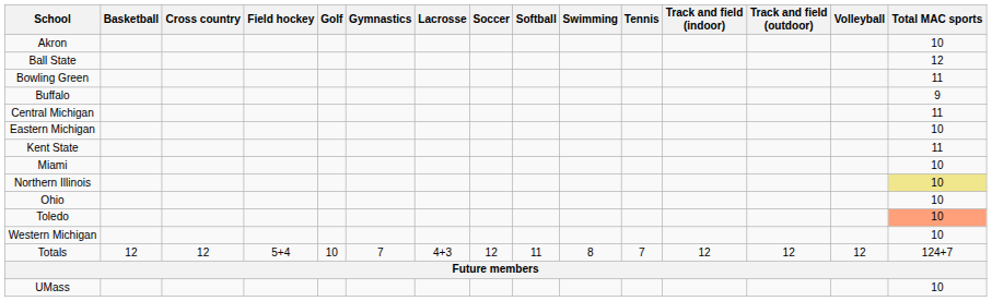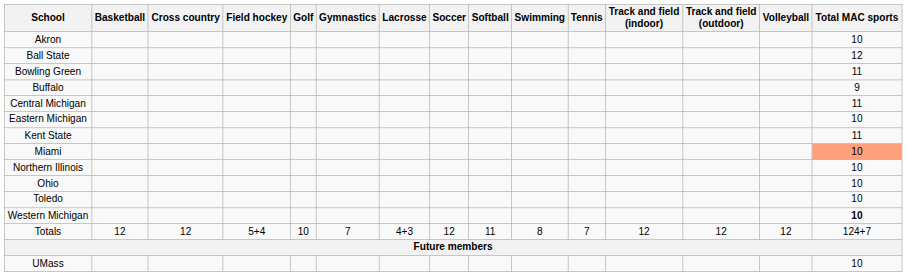 <table class="wikitable" style="text-align:center; width:90%;">
 <tr>
 <th>School</th>
 <th>Basketball</th>
 <th>Cross country</th>
 <th>Field hockey</th>
 <th>Golf</th>
 <th>Gymnastics</th>
 <th>Lacrosse</th>
 <th>Soccer</th>
 <th>Softball</th>
 <th>Swimming</th>
 <th>Tennis</th>
 <th>Track and field<br>(indoor)</th>
 <th>Track and field<br>(outdoor)</th>
 <th>Volleyball</th>
 <th>Total MAC sports</th>
 </tr>
 <tr>
 <td>Akron</td>
 <td></td>
 <td></td>
 <td></td>
 <td></td>
 <td></td>
 <td></td>
 <td></td>
 <td></td>
 <td></td>
 <td></td>
 <td></td>
 <td></td>
 <td></td>
 <td>10</td>
 </tr>
 <tr>
 <td>Ball State</td>
 <td></td>
 <td></td>
 <td></td>
 <td></td>
 <td></td>
 <td></td>
 <td></td>
 <td></td>
 <td></td>
 <td></td>
 <td></td>
 <td></td>
 <td></td>
 <td>12</td>
 </tr>
 <tr>
 <td>Bowling Green</td>
 <td></td>
 <td></td>
 <td></td>
 <td></td>
 <td></td>
 <td></td>
 <td></td>
 <td></td>
 <td></td>
 <td></td>
 <td></td>
 <td></td>
 <td></td>
 <td>11</td>
 </tr>
 <tr>
 <td>Buffalo</td>
 <td></td>
 <td></td>
 <td></td>
 <td></td>
 <td></td>
 <td></td>
 <td></td>
 <td></td>
 <td></td>
 <td></td>
 <td></td>
 <td></td>
 <td></td>
 <td>9</td>
 </tr>
 <tr>
 <td>Central Michigan</td>
 <td></td>
 <td></td>
 <td></td>
 <td></td>
 <td></td>
 <td></td>
 <td></td>
 <td></td>
 <td></td>
 <td></td>
 <td></td>
 <td></td>
 <td></td>
 <td>11</td>
 </tr>
 <tr>
 <td>Eastern Michigan</td>
 <td></td>
 <td></td>
 <td></td>
 <td></td>
 <td></td>
 <td></td>
 <td></td>
 <td></td>
 <td></td>
 <td></td>
 <td></td>
 <td></td>
 <td></td>
 <td>10</td>
 </tr>
 <tr>
 <td>Kent State</td>
 <td></td>
 <td></td>
 <td></td>
 <td></td>
 <td></td>
 <td></td>
 <td></td>
 <td></td>
 <td></td>
 <td></td>
 <td></td>
 <td></td>
 <td></td>
 <td>11</td>
 </tr>
 <tr>
 <td>Miami</td>
 <td></td>
 <td></td>
 <td></td>
 <td></td>
 <td></td>
 <td></td>
 <td></td>
 <td></td>
 <td></td>
 <td></td>
 <td></td>
 <td></td>
 <td></td>
-<td>10</td>
+<td style="background: lightsalmon;">10</td>
 </tr>
 <tr>
 <td>Northern Illinois</td>
 <td></td>
 <td></td>
 <td></td>
 <td></td>
 <td></td>
 <td></td>
 <td></td>
 <td></td>
 <td></td>
 <td></td>
 <td></td>
 <td></td>
 <td></td>
-<td style="background: khaki;">10</td>
+<td>10</td>
 </tr>
 <tr>
 <td>Ohio</td>
 <td></td>
 <td></td>
 <td></td>
 <td></td>
 <td></td>
 <td></td>
 <td></td>
 <td></td>
 <td></td>
 <td></td>
 <td></td>
 <td></td>
 <td></td>
 <td>10</td>
 </tr>
 <tr>
 <td>Toledo</td>
 <td></td>
 <td></td>
 <td></td>
 <td></td>
 <td></td>
 <td></td>
 <td></td>
 <td></td>
 <td></td>
 <td></td>
 <td></td>
 <td></td>
 <td></td>
-<td style="background: lightsalmon;">10</td>
+<td>10</td>
 </tr>
 <tr>
 <td>Western Michigan</td>
 <td></td>
 <td></td>
 <td></td>
 <td></td>
 <td></td>
 <td></td>
 <td></td>
 <td></td>
 <td></td>
 <td></td>
 <td></td>
 <td></td>
 <td></td>
-<td>10</td>
+<td><strong>10</strong></td>
 </tr>
 <tr>
 <td>Totals</td>
 <td>12</td>
 <td>12</td>
 <td>5+4</td>
 <td>10</td>
 <td>7</td>
 <td>4+3</td>
 <td>12</td>
 <td>11</td>
 <td>8</td>
 <td>7</td>
 <td>12</td>
 <td>12</td>
 <td>12</td>
 <td>124+7</td>
 </tr>
 <tr>
 <th colspan=15>Future members</th>
 </tr>
 <tr>
 <td>UMass</td>
 <td></td>
 <td></td>
 <td></td>
 <td></td>
 <td></td>
 <td></td>
 <td></td>
 <td></td>
 <td></td>
 <td></td>
 <td></td>
 <td></td>
 <td></td>
 <td>10</td>
 </tr>
 </table>
